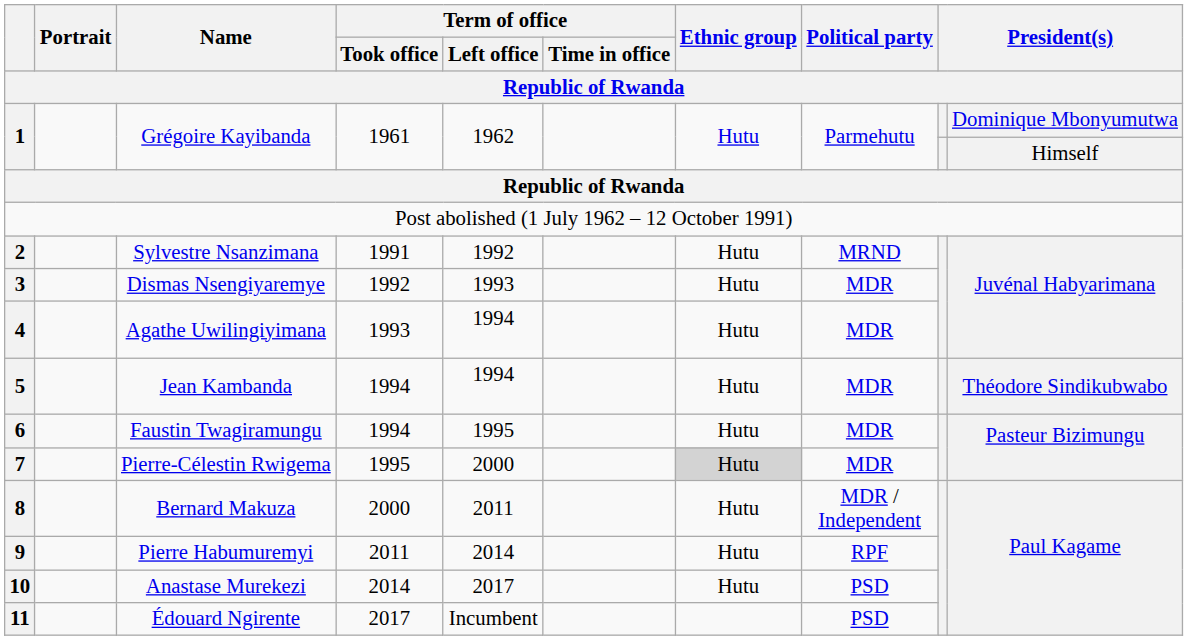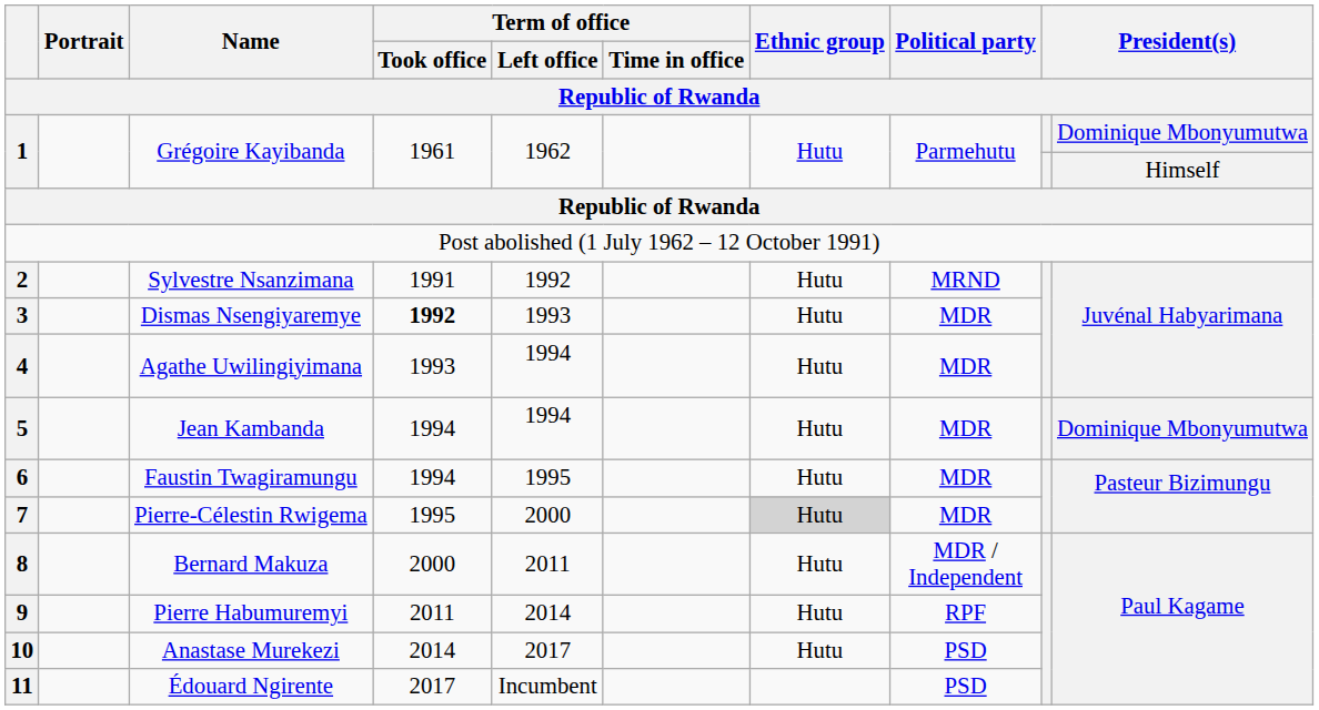 <table class="wikitable" style="text-align:center">
 <tr>
 <th rowspan="2"></th>
 <th rowspan="2">Portrait</th>
 <th rowspan="2">Name<br></th>
 <th colspan="3">Term of office</th>
 <th rowspan="2"><a href='#'>Ethnic group</a></th>
 <th rowspan="2"><a href='#'>Political party</a></th>
 <th rowspan="2" colspan="2"><a href='#'>President(s)</a></th>
 </tr>
 <tr>
 <th>Took office</th>
 <th>Left office</th>
 <th>Time in office</th>
 </tr>
 <tr>
 <th colspan="10"><a href='#'>Republic of Rwanda</a> </th>
 </tr>
 <tr>
 <th rowspan=2 style="background:">1</th>
 <td rowspan=2></td>
 <td rowspan=2><a href='#'>Grégoire Kayibanda</a><br></td>
 <td rowspan=2> 1961</td>
 <td rowspan=2> 1962</td>
 <td rowspan=2></td>
 <td rowspan=2><a href='#'>Hutu</a></td>
 <td rowspan=2><a href='#'>Parmehutu</a></td>
 <th rowspan="1" style="background:"></th>
 <th rowspan="1" style="font-weight:normal"><a href='#'>Dominique Mbonyumutwa</a><br></th>
 </tr>
 <tr>
 <th rowspan="1" style="background:"></th>
 <th rowspan="1" style="font-weight:normal">Himself<br></th>
 </tr>
 <tr>
 <th colspan="10">Republic of Rwanda </th>
 </tr>
 <tr>
 <td colspan="10">Post abolished (1 July 1962 – 12 October 1991)</td>
 </tr>
 <tr>
 <th style="background:">2</th>
 <td></td>
 <td><a href='#'>Sylvestre Nsanzimana</a><br></td>
 <td> 1991</td>
 <td> 1992</td>
 <td></td>
 <td>Hutu</td>
 <td><a href='#'>MRND</a></td>
 <th rowspan="3" style="background:"></th>
 <th rowspan="3" style="font-weight:normal"><a href='#'>Juvénal Habyarimana</a><br><br></th>
 </tr>
 <tr>
 <th style="background:">3</th>
 <td></td>
 <td><a href='#'>Dismas Nsengiyaremye</a><br></td>
-<td> 1992</td>
+<td><strong> 1992</strong></td>
 <td> 1993</td>
 <td></td>
 <td>Hutu</td>
 <td><a href='#'>MDR</a></td>
 </tr>
 <tr>
 <th style="background:">4</th>
 <td></td>
 <td><a href='#'>Agathe Uwilingiyimana</a><br></td>
 <td> 1993</td>
 <td> 1994<br><br></td>
 <td></td>
 <td>Hutu</td>
 <td><a href='#'>MDR</a></td>
 </tr>
 <tr>
 <th style="background:">5</th>
 <td></td>
 <td><a href='#'>Jean Kambanda</a><br></td>
 <td> 1994</td>
 <td> 1994<br><br></td>
 <td></td>
 <td>Hutu</td>
 <td><a href='#'>MDR</a></td>
 <th rowspan="1" style="background:"></th>
-<th rowspan="1" style="font-weight:normal"><a href='#'>Théodore Sindikubwabo</a><br></th>
+<th rowspan="1" style="font-weight:normal"><a href='#'>Dominique Mbonyumutwa</a><br></th>
 </tr>
 <tr>
 <th style="background:">6</th>
 <td></td>
 <td><a href='#'>Faustin Twagiramungu</a><br></td>
 <td> 1994</td>
 <td> 1995</td>
 <td></td>
 <td>Hutu</td>
 <td><a href='#'>MDR</a></td>
 <th rowspan="3" style="background:"></th>
 <th rowspan="3" style="font-weight:normal"><a href='#'>Pasteur Bizimungu</a><br><br></th>
 </tr>
 <tr>
 <th style="background:">7</th>
 <td></td>
 <td><a href='#'>Pierre-Célestin Rwigema</a><br></td>
 <td> 1995</td>
 <td> 2000</td>
 <td></td>
 <td style="background: lightgrey;">Hutu</td>
 <td><a href='#'>MDR</a></td>
 </tr>
 <tr>
 <th rowspan=2 style="background:">8</th>
 <td rowspan=2></td>
 <td rowspan=2><a href='#'>Bernard Makuza</a><br></td>
 <td rowspan=2> 2000</td>
 <td rowspan=2> 2011</td>
 <td rowspan=2></td>
 <td rowspan=2>Hutu</td>
 <td rowspan=2><a href='#'>MDR</a> / <br><a href='#'>Independent</a></td>
 </tr>
 <tr>
 <th rowspan="4" style="background:"></th>
 <th rowspan="4" style="font-weight:normal"><a href='#'>Paul Kagame</a><br><br></th>
 </tr>
 <tr>
 <th style="background:">9</th>
 <td></td>
 <td><a href='#'>Pierre Habumuremyi</a><br></td>
 <td> 2011</td>
 <td> 2014</td>
 <td></td>
 <td>Hutu</td>
 <td><a href='#'>RPF</a></td>
 </tr>
 <tr>
 <th style="background:">10</th>
 <td></td>
 <td><a href='#'>Anastase Murekezi</a><br></td>
 <td> 2014</td>
 <td> 2017</td>
 <td></td>
 <td>Hutu</td>
 <td><a href='#'>PSD</a></td>
 </tr>
 <tr>
 <th style="background:">11</th>
 <td></td>
 <td><a href='#'>Édouard Ngirente</a><br></td>
 <td> 2017</td>
 <td>Incumbent</td>
 <td></td>
 <td></td>
 <td><a href='#'>PSD</a></td>
 </tr>
 </table>
